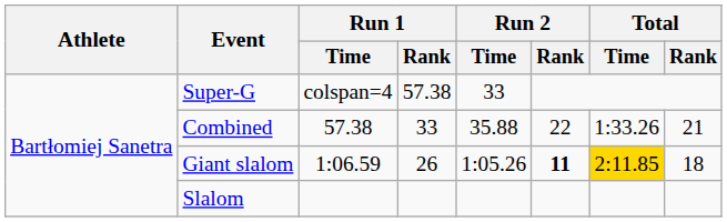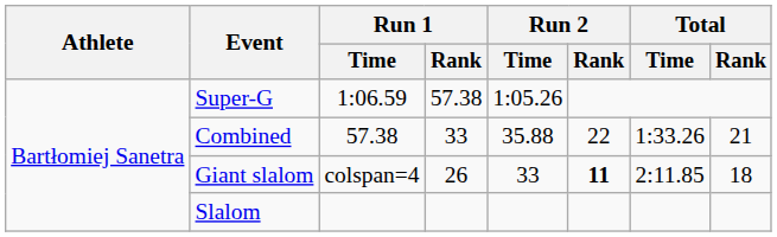 <table class="wikitable" style="font-size:90%">
 <tr>
 <th rowspan=2>Athlete</th>
 <th rowspan=2>Event</th>
 <th colspan=2>Run 1</th>
 <th colspan=2>Run 2</th>
 <th colspan=2>Total</th>
 </tr>
 <tr style="font-size:95%">
 <th>Time</th>
 <th>Rank</th>
 <th>Time</th>
 <th>Rank</th>
 <th>Time</th>
 <th>Rank</th>
 </tr>
 <tr align=center>
 <td align="left" rowspan="4"><a href='#'>Bartłomiej Sanetra</a></td>
 <td align="left"><a href='#'>Super-G</a></td>
-<td>colspan=4</td>
+<td>1:06.59</td>
 <td>57.38</td>
-<td>33</td>
+<td>1:05.26</td>
 </tr>
 <tr align=center>
 <td align="left"><a href='#'>Combined</a></td>
 <td>57.38</td>
 <td>33</td>
 <td>35.88</td>
 <td>22</td>
 <td>1:33.26</td>
 <td>21</td>
 </tr>
 <tr align=center>
 <td align="left"><a href='#'>Giant slalom</a></td>
-<td>1:06.59</td>
+<td>colspan=4</td>
 <td>26</td>
-<td>1:05.26</td>
+<td>33</td>
 <td><strong>11</strong></td>
-<td style="background: gold;">2:11.85</td>
+<td>2:11.85</td>
 <td>18</td>
 </tr>
 <tr align=center>
 <td align="left"><a href='#'>Slalom</a></td>
 <td></td>
 <td></td>
 <td></td>
 <td></td>
 <td></td>
 <td></td>
 </tr>
 </table>
